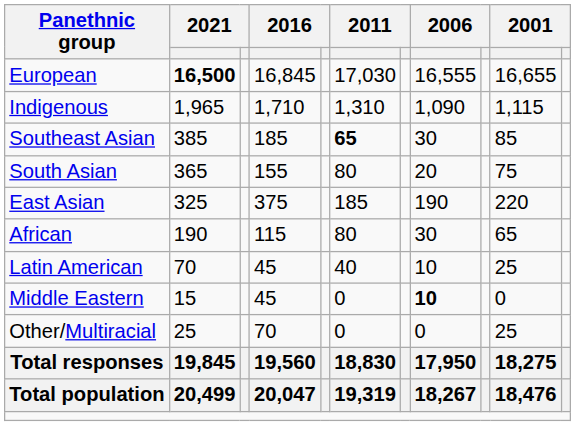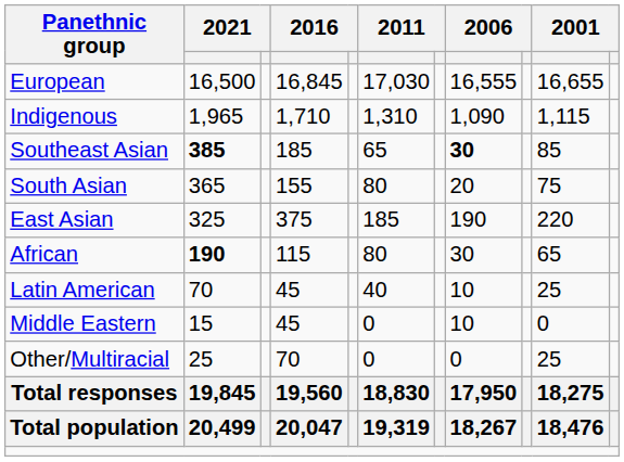 <table class="wikitable collapsible sortable">
 <tr>
 <th rowspan="2"><a href='#'>Panethnic</a><br>group</th>
 <th colspan="2">2021</th>
 <th colspan="2">2016</th>
 <th colspan="2">2011</th>
 <th colspan="2">2006</th>
 <th colspan="2">2001</th>
 </tr>
 <tr>
 <th><a href='#'></a></th>
 <th></th>
 <th></th>
 <th></th>
 <th></th>
 <th></th>
 <th></th>
 <th></th>
 <th></th>
 <th></th>
 </tr>
 <tr>
 <td><a href='#'>European</a></td>
-<td><strong>16,500</strong></td>
+<td>16,500</td>
 <td></td>
 <td>16,845</td>
 <td></td>
 <td>17,030</td>
 <td></td>
 <td>16,555</td>
 <td></td>
 <td>16,655</td>
 <td></td>
 </tr>
 <tr>
 <td><a href='#'>Indigenous</a></td>
 <td>1,965</td>
 <td></td>
 <td>1,710</td>
 <td></td>
 <td>1,310</td>
 <td></td>
 <td>1,090</td>
 <td></td>
 <td>1,115</td>
 <td></td>
 </tr>
 <tr>
 <td><a href='#'>Southeast Asian</a></td>
-<td>385</td>
+<td><strong>385</strong></td>
 <td></td>
 <td>185</td>
 <td></td>
-<td><strong>65</strong></td>
+<td>65</td>
 <td></td>
-<td>30</td>
+<td><strong>30</strong></td>
 <td></td>
 <td>85</td>
 <td></td>
 </tr>
 <tr>
 <td><a href='#'>South Asian</a></td>
 <td>365</td>
 <td></td>
 <td>155</td>
 <td></td>
 <td>80</td>
 <td></td>
 <td>20</td>
 <td></td>
 <td>75</td>
 <td></td>
 </tr>
 <tr>
 <td><a href='#'>East Asian</a></td>
 <td>325</td>
 <td></td>
 <td>375</td>
 <td></td>
 <td>185</td>
 <td></td>
 <td>190</td>
 <td></td>
 <td>220</td>
 <td></td>
 </tr>
 <tr>
 <td><a href='#'>African</a></td>
-<td>190</td>
+<td><strong>190</strong></td>
 <td></td>
 <td>115</td>
 <td></td>
 <td>80</td>
 <td></td>
 <td>30</td>
 <td></td>
 <td>65</td>
 <td></td>
 </tr>
 <tr>
 <td><a href='#'>Latin American</a></td>
 <td>70</td>
 <td></td>
 <td>45</td>
 <td></td>
 <td>40</td>
 <td></td>
 <td>10</td>
 <td></td>
 <td>25</td>
 <td></td>
 </tr>
 <tr>
 <td><a href='#'>Middle Eastern</a></td>
 <td>15</td>
 <td></td>
 <td>45</td>
 <td></td>
 <td>0</td>
 <td></td>
-<td><strong>10</strong></td>
+<td>10</td>
 <td></td>
 <td>0</td>
 <td></td>
 </tr>
 <tr>
 <td>Other/<a href='#'>Multiracial</a></td>
 <td>25</td>
 <td></td>
 <td>70</td>
 <td></td>
 <td>0</td>
 <td></td>
 <td>0</td>
 <td></td>
 <td>25</td>
 <td></td>
 </tr>
 <tr>
 <th>Total responses</th>
 <th>19,845</th>
 <th></th>
 <th>19,560</th>
 <th></th>
 <th>18,830</th>
 <th></th>
 <th>17,950</th>
 <th></th>
 <th>18,275</th>
 <th></th>
 </tr>
 <tr>
 <th>Total population</th>
 <th>20,499</th>
 <th></th>
 <th>20,047</th>
 <th></th>
 <th>19,319</th>
 <th></th>
 <th>18,267</th>
 <th></th>
 <th>18,476</th>
 <th></th>
 </tr>
 <tr class="sortbottom">
 <td colspan="15"></td>
 </tr>
 </table>
